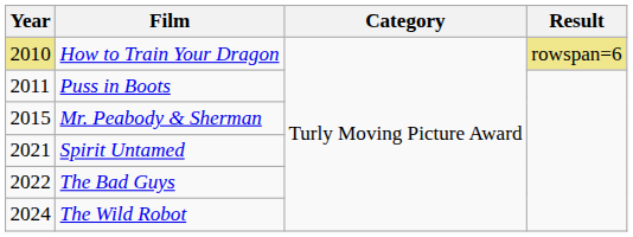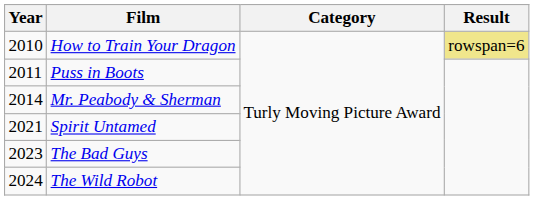 <table class="wikitable">
 <tr>
 <th>Year</th>
 <th>Film</th>
 <th>Category</th>
 <th>Result</th>
 </tr>
 <tr>
-<td style="background: khaki;">2010</td>
+<td>2010</td>
 <td><em><a href='#'>How to Train Your Dragon</a></em></td>
 <td rowspan=6>Turly Moving Picture Award</td>
 <td style="background: khaki;">rowspan=6 </td>
 </tr>
 <tr>
 <td>2011</td>
 <td><em><a href='#'>Puss in Boots</a></em></td>
 </tr>
 <tr>
-<td>2015</td>
+<td>2014</td>
 <td><em><a href='#'>Mr. Peabody & Sherman</a></em></td>
 </tr>
 <tr>
 <td>2021</td>
 <td><em><a href='#'>Spirit Untamed</a></em></td>
 </tr>
 <tr>
-<td>2022</td>
+<td>2023</td>
 <td><em><a href='#'>The Bad Guys</a></em></td>
 </tr>
 <tr>
 <td>2024</td>
 <td><em><a href='#'>The Wild Robot</a></em></td>
 </tr>
 </table>
